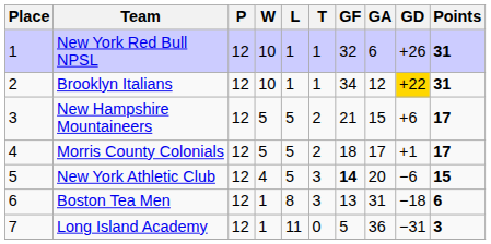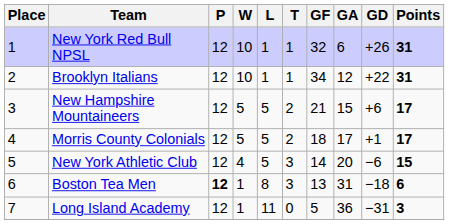 <table class="wikitable">
 <tr>
 <th>Place</th>
 <th width="170">Team</th>
 <th width="20">P</th>
 <th width="20">W</th>
 <th width="20">L</th>
 <th width="20">T</th>
 <th width="20">GF</th>
 <th width="20">GA</th>
 <th width="25">GD</th>
 <th>Points</th>
 </tr>
 <tr bgcolor=#CCCCFF>
 <td>1</td>
 <td><a href='#'>New York Red Bull NPSL</a></td>
 <td>12</td>
 <td>10</td>
 <td>1</td>
 <td>1</td>
 <td>32</td>
 <td>6</td>
 <td>+26</td>
 <td><strong>31</strong></td>
 </tr>
 <tr>
 <td>2</td>
 <td><a href='#'>Brooklyn Italians</a></td>
 <td>12</td>
 <td>10</td>
 <td>1</td>
 <td>1</td>
 <td>34</td>
 <td>12</td>
-<td style="background: gold;">+22</td>
+<td>+22</td>
 <td><strong>31</strong></td>
 </tr>
 <tr>
 <td>3</td>
 <td><a href='#'>New Hampshire Mountaineers</a></td>
 <td>12</td>
 <td>5</td>
 <td>5</td>
 <td>2</td>
 <td>21</td>
 <td>15</td>
 <td>+6</td>
 <td><strong>17</strong></td>
 </tr>
 <tr>
 <td>4</td>
 <td><a href='#'>Morris County Colonials</a></td>
 <td>12</td>
 <td>5</td>
 <td>5</td>
 <td>2</td>
 <td>18</td>
 <td>17</td>
 <td>+1</td>
 <td><strong>17</strong></td>
 </tr>
 <tr>
 <td>5</td>
 <td><a href='#'>New York Athletic Club</a></td>
 <td>12</td>
 <td>4</td>
 <td>5</td>
 <td>3</td>
-<td><strong>14</strong></td>
+<td>14</td>
 <td>20</td>
 <td>−6</td>
 <td><strong>15</strong></td>
 </tr>
 <tr>
 <td>6</td>
 <td><a href='#'>Boston Tea Men</a></td>
-<td>12</td>
+<td><strong>12</strong></td>
 <td>1</td>
 <td>8</td>
 <td>3</td>
 <td>13</td>
 <td>31</td>
 <td>−18</td>
 <td><strong>6</strong></td>
 </tr>
 <tr>
 <td>7</td>
 <td><a href='#'>Long Island Academy</a></td>
 <td>12</td>
 <td>1</td>
 <td>11</td>
 <td>0</td>
 <td>5</td>
 <td>36</td>
 <td>−31</td>
 <td><strong>3</strong></td>
 </tr>
 <tr>
 </tr>
 </table>
